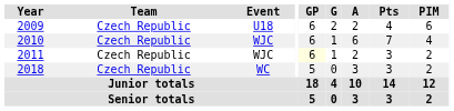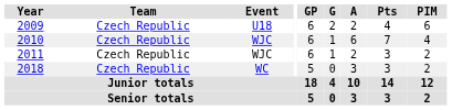 <table border="0" cellpadding="1" cellspacing="0" ID="Table3" style="text-align:center; width:40em">
 <tr bgcolor="#e0e0e0">
 <th>Year</th>
 <th>Team</th>
 <th>Event</th>
 <th rowspan="102" bgcolor="#ffffff"></th>
 <th>GP</th>
 <th>G</th>
 <th>A</th>
 <th>Pts</th>
 <th>PIM</th>
 </tr>
 <tr>
 <td><a href='#'>2009</a></td>
 <td><a href='#'>Czech Republic</a></td>
 <td><a href='#'>U18</a></td>
 <td>6</td>
 <td>2</td>
 <td>2</td>
 <td>4</td>
 <td>6</td>
 </tr>
 <tr bgcolor="#f0f0f0">
 <td><a href='#'>2010</a></td>
 <td><a href='#'>Czech Republic</a></td>
 <td><a href='#'>WJC</a></td>
 <td>6</td>
 <td>1</td>
 <td>6</td>
 <td>7</td>
 <td>4</td>
 </tr>
 <tr>
 <td><a href='#'>2011</a></td>
 <td>Czech Republic</td>
 <td>WJC</td>
-<td style="background: lightyellow;">6</td>
+<td>6</td>
 <td>1</td>
 <td>2</td>
 <td>3</td>
 <td>2</td>
 </tr>
 <tr bgcolor="#f0f0f0">
 <td><a href='#'>2018</a></td>
 <td><a href='#'>Czech Republic</a></td>
 <td><a href='#'>WC</a></td>
 <td>5</td>
 <td>0</td>
 <td>3</td>
 <td>3</td>
 <td>2</td>
 </tr>
 <tr bgcolor="#e0e0e0">
 <th colspan="4">Junior totals</th>
 <th>18</th>
 <th>4</th>
 <th>10</th>
 <th>14</th>
 <th>12</th>
 </tr>
 <tr bgcolor="#e0e0e0">
 <th colspan="4">Senior totals</th>
 <th>5</th>
 <th>0</th>
 <th>3</th>
 <th>3</th>
 <th>2</th>
 </tr>
 </table>
